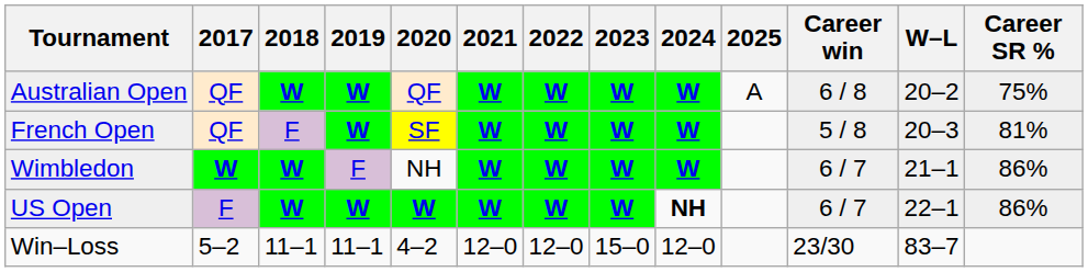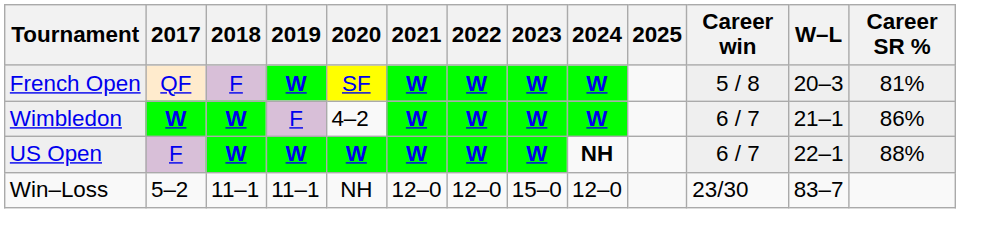 <table class="wikitable">
 <tr style="background:#efefef;">
 <th>Tournament</th>
 <th>2017</th>
 <th>2018</th>
 <th>2019</th>
 <th>2020</th>
 <th>2021</th>
 <th>2022</th>
 <th>2023</th>
 <th>2024</th>
 <th>2025</th>
 <th style="width:65px;">Career win</th>
 <th>W–L</th>
 <th style="width:69px;">Career SR %</th>
-</tr>
-<tr>
-<td style="background:#efefef;"><a href='#'>Australian Open</a></td>
-<td style="text-align:center; background:#ffebcd;"><a href='#'>QF</a></td>
-<td style="text-align:center; background:lime;"><strong><a href='#'>W</a></strong></td>
-<td style="text-align:center; background:lime;"><strong><a href='#'>W</a></strong></td>
-<td style="text-align:center; background:#ffebcd;"><a href='#'>QF</a></td>
-<td style="text-align:center; background:lime;"><strong><a href='#'>W</a></strong></td>
-<td style="text-align:center; background:lime;"><strong><a href='#'>W</a></strong></td>
-<td style="text-align:center; background:lime;"><strong><a href='#'>W</a></strong></td>
-<td style="text-align:center; background:lime;"><strong><a href='#'>W</a></strong></td>
-<td style="text-align:center;">A</td>
-<td style="text-align:center; background:#efefef;">6 / 8</td>
-<td style="text-align:center; background:#efefef;">20–2</td>
-<td style="text-align:center; background:#efefef;">75%</td>
 </tr>
 <tr>
 <td style="background:#efefef;"><a href='#'>French Open</a></td>
 <td style="text-align:center; background:#ffebcd;"><a href='#'>QF</a></td>
 <td style="text-align:center; background:thistle;"><a href='#'>F</a></td>
 <td style="text-align:center; background:lime;"><strong><a href='#'>W</a></strong></td>
 <td style="text-align:center; background:yellow;"><a href='#'>SF</a></td>
 <td style="text-align:center; background:lime;"><strong><a href='#'>W</a></strong></td>
 <td style="text-align:center; background:lime;"><strong><a href='#'>W</a></strong></td>
 <td style="text-align:center; background:lime;"><strong><a href='#'>W</a></strong></td>
 <td style="text-align:center; background:lime;"><strong><a href='#'>W</a></strong></td>
 <td></td>
 <td style="text-align:center; background:#efefef;">5 / 8</td>
 <td style="text-align:center; background:#efefef;">20–3</td>
 <td style="text-align:center; background:#efefef;">81%</td>
 </tr>
 <tr>
 <td style="background:#efefef;"><a href='#'>Wimbledon</a></td>
 <td style="text-align:center; background:lime;"><strong><a href='#'>W</a></strong></td>
 <td style="text-align:center; background:lime;"><strong><a href='#'>W</a></strong></td>
 <td style="text-align:center; background:thistle;"><a href='#'>F</a></td>
-<td style="text-align:center;">NH</td>
+<td>4–2</td>
 <td style="text-align:center; background:lime;"><strong><a href='#'>W</a></strong></td>
 <td style="text-align:center;background:lime;"><strong><a href='#'>W</a></strong></td>
 <td style="text-align:center;background:lime;"><strong><a href='#'>W</a></strong></td>
 <td style="text-align:center;background:lime;"><strong><a href='#'>W</a></strong></td>
 <td></td>
 <td style="text-align:center; background:#efefef;">6 / 7</td>
 <td style="text-align:center; background:#efefef;">21–1</td>
 <td style="text-align:center; background:#efefef;">86%</td>
 </tr>
 <tr>
 <td style="background:#efefef;"><a href='#'>US Open</a></td>
 <td style="text-align:center; background:thistle;"><a href='#'>F</a></td>
 <td style="text-align:center; background:lime;"><strong><a href='#'>W</a></strong></td>
 <td style="text-align:center; background:lime;"><strong><a href='#'>W</a></strong></td>
 <td style="text-align:center; background:lime;"><strong><a href='#'>W</a></strong></td>
 <td style="text-align:center; background:lime;"><strong><a href='#'>W</a></strong></td>
 <td style="text-align:center; background:lime;"><strong><a href='#'>W</a></strong></td>
 <td style="text-align:center; background:lime;"><strong><a href='#'>W</a></strong></td>
 <td style="text-align:center;"><strong>NH</strong></td>
 <td></td>
 <td style="text-align:center; background:#efefef;">6 / 7</td>
 <td style="text-align:center; background:#efefef;">22–1</td>
-<td style="text-align:center; background:#efefef;">86%</td>
+<td style="text-align:center; background:#efefef;">88%</td>
 </tr>
 <tr>
 <td>Win–Loss</td>
 <td>5–2</td>
 <td>11–1</td>
 <td>11–1</td>
-<td>4–2</td>
+<td style="text-align:center;">NH</td>
 <td>12–0</td>
 <td>12–0</td>
 <td>15–0</td>
 <td>12–0</td>
 <td></td>
 <td>23/30</td>
 <td>83–7</td>
 <td></td>
 </tr>
 </table>
